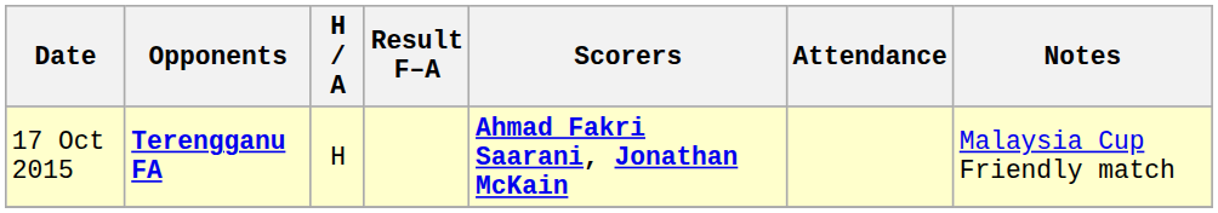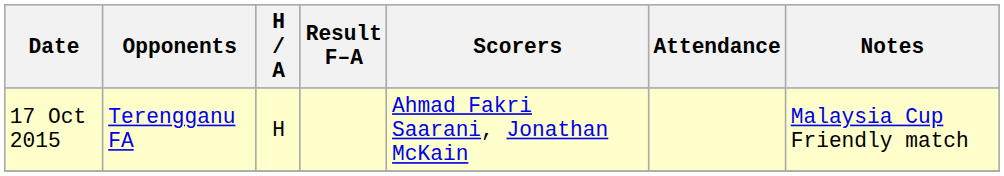 <table class="wikitable" style="text-align:center">
 <tr>
 <th>Date</th>
 <th>Opponents</th>
 <th>H / A</th>
 <th>Result<br>F–A</th>
 <th>Scorers</th>
 <th>Attendance</th>
 <th>Notes</th>
 </tr>
 <tr bgcolor="#ffffcc">
 <td align="left">17 Oct 2015</td>
-<td align="left"><strong> <a href='#'>Terengganu FA</a></strong></td>
+<td align="left"> <a href='#'>Terengganu FA</a></td>
 <td>H</td>
 <td></td>
-<td align="left"><strong><a href='#'>Ahmad Fakri Saarani</a>, <a href='#'>Jonathan McKain</a></strong></td>
+<td align="left"><a href='#'>Ahmad Fakri Saarani</a>, <a href='#'>Jonathan McKain</a></td>
 <td></td>
 <td align="left"><a href='#'>Malaysia Cup</a> Friendly match</td>
 </tr>
 <tr>
 </tr>
 </table>
